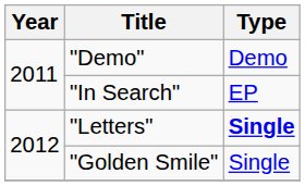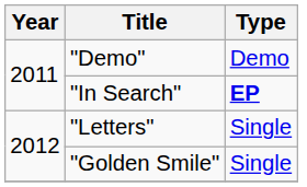 <table class="wikitable">
 <tr>
 <th>Year</th>
 <th>Title</th>
 <th>Type</th>
 </tr>
 <tr>
 <td rowspan="2">2011</td>
 <td>"Demo"</td>
 <td><a href='#'>Demo</a></td>
 </tr>
 <tr>
 <td>"In Search"</td>
-<td><a href='#'>EP</a></td>
+<td><strong><a href='#'>EP</a></strong></td>
 </tr>
 <tr>
 <td rowspan="2">2012</td>
 <td>"Letters"</td>
-<td><strong><a href='#'>Single</a></strong></td>
+<td><a href='#'>Single</a></td>
 </tr>
 <tr>
 <td>"Golden Smile"</td>
 <td><a href='#'>Single</a></td>
 </tr>
 <tr>
 </tr>
 </table>
